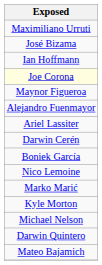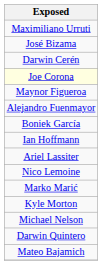 <table class="wikitable" style="text-align:center">
 <tr>
 <th>Exposed</th>
 </tr>
 <tr>
 <td><a href='#'>Maximiliano Urruti</a></td>
 </tr>
 <tr>
 <td><a href='#'>José Bizama</a></td>
 </tr>
 <tr>
-<td><a href='#'>Ian Hoffmann</a></td>
+<td><a href='#'>Darwin Cerén</a></td>
 </tr>
 <tr>
 <td style="background: lightyellow;"><a href='#'>Joe Corona</a></td>
 </tr>
 <tr>
 <td><a href='#'>Maynor Figueroa</a></td>
 </tr>
 <tr>
 <td><a href='#'>Alejandro Fuenmayor</a></td>
 </tr>
 <tr>
-<td><a href='#'>Ariel Lassiter</a></td>
+<td><a href='#'>Boniek García</a></td>
 </tr>
 <tr>
-<td><a href='#'>Darwin Cerén</a></td>
+<td><a href='#'>Ian Hoffmann</a></td>
 </tr>
 <tr>
-<td><a href='#'>Boniek García</a></td>
+<td><a href='#'>Ariel Lassiter</a></td>
 </tr>
 <tr>
 <td><a href='#'>Nico Lemoine</a></td>
 </tr>
 <tr>
 <td><a href='#'>Marko Marić</a></td>
 </tr>
 <tr>
 <td><a href='#'>Kyle Morton</a></td>
 </tr>
 <tr>
 <td><a href='#'>Michael Nelson</a></td>
 </tr>
 <tr>
 <td><a href='#'>Darwin Quintero</a></td>
 </tr>
 <tr>
 <td><a href='#'>Mateo Bajamich</a></td>
 </tr>
 <tr>
 </tr>
 </table>
